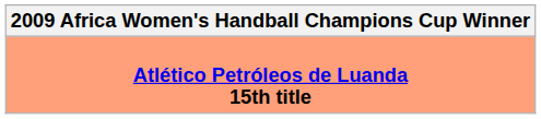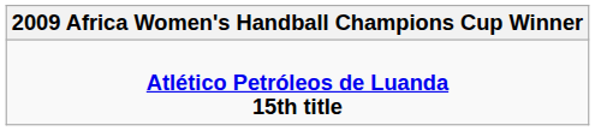 <table class=wikitable style="text-align:center; margin:auto">
 <tr>
 <th>2009 Africa Women's Handball Champions Cup Winner</th>
 </tr>
 <tr>
-<td style="background: lightsalmon;"><br><strong><a href='#'>Atlético Petróleos de Luanda</a></strong><br><strong>15th title</strong></td>
+<td><br><strong><a href='#'>Atlético Petróleos de Luanda</a></strong><br><strong>15th title</strong></td>
 </tr>
 </table>
